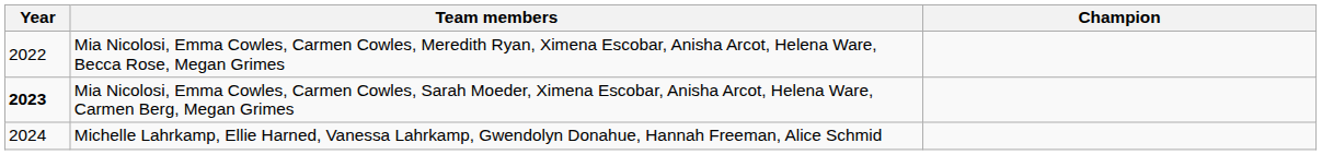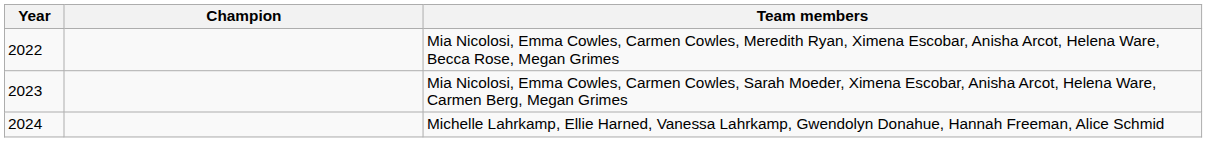 <table class="wikitable">
 <tr>
 <th style="width:5%;">Year</th>
+<th style="width:30%;">Champion</th>
 <th style="width:65%;">Team members</th>
-<th style="width:30%;">Champion</th>
 </tr>
 <tr>
 <td>2022</td>
+<td></td>
 <td>Mia Nicolosi, Emma Cowles, Carmen Cowles, Meredith Ryan, Ximena Escobar, Anisha Arcot, Helena Ware, Becca Rose, Megan Grimes</td>
-<td></td>
 </tr>
 <tr>
-<td><strong>2023</strong></td>
+<td>2023</td>
+<td></td>
 <td>Mia Nicolosi, Emma Cowles, Carmen Cowles, Sarah Moeder, Ximena Escobar, Anisha Arcot, Helena Ware, Carmen Berg, Megan Grimes</td>
-<td></td>
 </tr>
 <tr>
 <td>2024</td>
+<td></td>
 <td>Michelle Lahrkamp, Ellie Harned, Vanessa Lahrkamp, Gwendolyn Donahue, Hannah Freeman, Alice Schmid</td>
-<td></td>
 </tr>
 </table>
